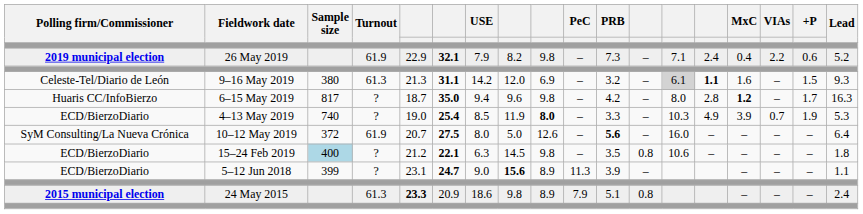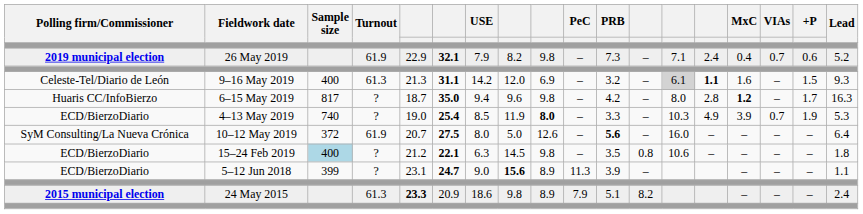 <table class="wikitable collapsible collapsed" style="text-align:center; font-size:95%; line-height:16px;">
 <tr style="height:42px;">
 <th style="width:250px;" rowspan="2">Polling firm/Commissioner</th>
 <th style="width:125px;" rowspan="2">Fieldwork date</th>
 <th style="width:50px;" rowspan="2">Sample size</th>
 <th style="width:45px;" rowspan="2">Turnout</th>
 <th style="width:35px;"></th>
 <th style="width:35px;"></th>
 <th style="width:35px;">USE</th>
 <th style="width:35px;"></th>
 <th style="width:35px;"></th>
 <th style="width:35px;">PeC</th>
 <th style="width:35px;">PRB</th>
 <th style="width:35px;"></th>
 <th style="width:35px;"></th>
 <th style="width:35px;"></th>
 <th style="width:35px;">MxC</th>
 <th style="width:35px;">VIAs</th>
 <th style="width:35px;">+P</th>
 <th style="width:30px;" rowspan="2">Lead</th>
 </tr>
 <tr>
 <th style="color:inherit;background:"></th>
 <th style="color:inherit;background:"></th>
 <th style="color:inherit;background:"></th>
 <th style="color:inherit;background:"></th>
 <th style="color:inherit;background:"></th>
 <th style="color:inherit;background:"></th>
 <th style="color:inherit;background:"></th>
 <th style="color:inherit;background:"></th>
 <th style="color:inherit;background:"></th>
 <th style="color:inherit;background:"></th>
 <th style="color:inherit;background:"></th>
 <th style="color:inherit;background:"></th>
 <th style="color:inherit;background:"></th>
 </tr>
 <tr>
 <td colspan="18" style="background:#A0A0A0"></td>
 </tr>
 <tr style="background:#EFEFEF;">
 <td><strong><a href='#'>2019 municipal election</a></strong></td>
 <td>26 May 2019</td>
 <td></td>
 <td>61.9</td>
 <td>22.9<br></td>
 <td><strong>32.1</strong><br></td>
 <td>7.9<br></td>
 <td>8.2<br></td>
 <td>9.8<br></td>
 <td>–</td>
 <td>7.3<br></td>
 <td>–</td>
 <td>7.1<br></td>
 <td>2.4<br></td>
 <td>0.4<br></td>
-<td>2.2<br></td>
+<td>0.7<br></td>
 <td>0.6<br></td>
 <td style="background:">5.2</td>
 </tr>
 <tr>
 <td colspan="18" style="background:#A0A0A0"></td>
 </tr>
 <tr>
 <td>Celeste-Tel/Diario de León</td>
 <td>9–16 May 2019</td>
-<td>380</td>
+<td>400</td>
 <td>61.3</td>
 <td>21.3<br></td>
 <td><strong>31.1</strong><br></td>
 <td>14.2<br></td>
 <td>12.0<br></td>
 <td>6.9<br></td>
 <td>–</td>
 <td>3.2<br></td>
 <td>–</td>
 <td style="background: lightgrey;">6.1<br></td>
 <td><strong>1.1<br></strong></td>
 <td>1.6<br></td>
 <td>–</td>
 <td>1.5<br></td>
 <td style="background:">9.3</td>
 </tr>
 <tr>
 <td>Huaris CC/InfoBierzo</td>
 <td>6–15 May 2019</td>
 <td>817</td>
 <td>?</td>
 <td>18.7<br></td>
 <td><strong>35.0</strong><br></td>
 <td>9.4<br></td>
 <td>9.6<br></td>
 <td>9.8<br></td>
 <td>–</td>
 <td>4.2<br></td>
 <td>–</td>
 <td>8.0<br></td>
 <td>2.8<br></td>
 <td><strong>1.2<br></strong></td>
 <td>–</td>
 <td>1.7<br></td>
 <td style="background:">16.3</td>
 </tr>
 <tr>
 <td>ECD/BierzoDiario</td>
 <td>4–13 May 2019</td>
 <td>740</td>
 <td>?</td>
 <td>19.0<br></td>
 <td><strong>25.4</strong><br></td>
 <td>8.5<br></td>
 <td>11.9<br></td>
 <td><strong>8.0<br></strong></td>
 <td>–</td>
 <td>3.3<br></td>
 <td>–</td>
 <td>10.3<br></td>
 <td>4.9<br></td>
 <td>3.9<br></td>
 <td>0.7<br></td>
 <td>1.9<br></td>
 <td style="background:">5.3</td>
 </tr>
 <tr>
 <td>SyM Consulting/La Nueva Crónica</td>
 <td>10–12 May 2019</td>
 <td>372</td>
 <td>61.9</td>
 <td>20.7<br></td>
 <td><strong>27.5</strong><br></td>
 <td>8.0<br></td>
 <td>5.0<br></td>
 <td>12.6<br></td>
 <td>–</td>
 <td><strong>5.6<br></strong></td>
 <td>–</td>
 <td>16.0<br></td>
 <td>–</td>
 <td>–</td>
 <td>–</td>
 <td>–</td>
 <td style="background:">6.4</td>
 </tr>
 <tr>
 <td>ECD/BierzoDiario</td>
 <td>15–24 Feb 2019</td>
 <td style="background: lightblue;">400</td>
 <td>?</td>
 <td>21.2<br></td>
 <td><strong>22.1</strong><br></td>
 <td>6.3<br></td>
 <td>14.5<br></td>
 <td>9.8<br></td>
 <td>–</td>
 <td>3.5<br></td>
 <td>0.8<br></td>
 <td>10.6<br></td>
 <td>–</td>
 <td>–</td>
 <td>–</td>
 <td>–</td>
 <td style="background:">1.8</td>
 </tr>
 <tr>
 <td>ECD/BierzoDiario</td>
 <td>5–12 Jun 2018</td>
 <td>399</td>
 <td>?</td>
 <td>23.1<br></td>
 <td><strong>24.7</strong><br></td>
 <td>9.0<br></td>
 <td><strong>15.6<br></strong></td>
 <td>8.9<br></td>
 <td>11.3<br></td>
 <td>3.9<br></td>
 <td>–</td>
 <td></td>
 <td></td>
 <td>–</td>
 <td>–</td>
 <td>–</td>
 <td style="background:">1.1</td>
 </tr>
 <tr>
 <td colspan="18" style="background:#A0A0A0"></td>
 </tr>
 <tr style="background:#EFEFEF;">
 <td><strong><a href='#'>2015 municipal election</a></strong></td>
 <td>24 May 2015</td>
 <td></td>
 <td>61.3</td>
 <td><strong>23.3</strong><br></td>
 <td>20.9<br></td>
 <td>18.6<br></td>
 <td>9.8<br></td>
 <td>8.9<br></td>
 <td>7.9<br></td>
 <td>5.1<br></td>
-<td>0.8<br></td>
+<td>8.2<br></td>
 <td></td>
 <td></td>
 <td>–</td>
 <td>–</td>
 <td>–</td>
 <td style="background:">2.4</td>
 </tr>
 <tr>
 <td colspan="18" style="background:#A0A0A0"></td>
 </tr>
 </table>
